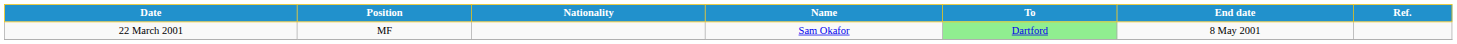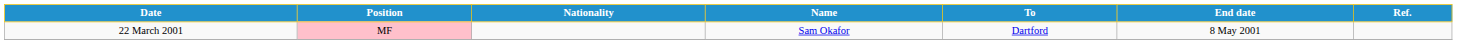 <table class="wikitable" style="text-align:center; font-size:90%; width:100%;">
 <tr>
 <th style="background:#2191CC; color:white; border:1px solid #F7C408; text-align:center;">Date</th>
 <th style="background:#2191CC; color:white; border:1px solid #F7C408; text-align:center;">Position</th>
 <th style="background:#2191CC; color:white; border:1px solid #F7C408; text-align:center;">Nationality</th>
 <th style="background:#2191CC; color:white; border:1px solid #F7C408; text-align:center;">Name</th>
 <th style="background:#2191CC; color:white; border:1px solid #F7C408; text-align:center;">To</th>
 <th style="background:#2191CC; color:white; border:1px solid #F7C408; text-align:center;">End date</th>
 <th style="background:#2191CC; color:white; border:1px solid #F7C408; text-align:center;">Ref.</th>
 </tr>
 <tr>
 <td>22 March 2001</td>
-<td>MF</td>
+<td style="background: pink;">MF</td>
 <td></td>
 <td><a href='#'>Sam Okafor</a></td>
-<td style="background: lightgreen;"> <a href='#'>Dartford</a></td>
+<td> <a href='#'>Dartford</a></td>
 <td>8 May 2001</td>
 <td></td>
 </tr>
 <tr>
 </tr>
 </table>
